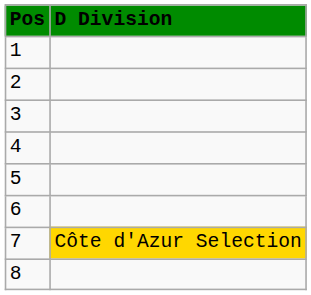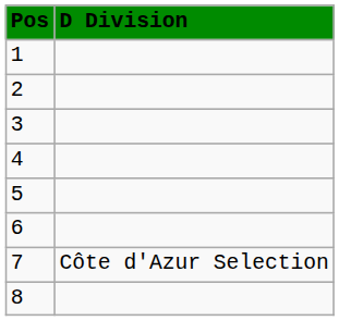 <table class="wikitable" style="margin:0.5em auto; font-size:95%">
 <tr bgcolor="#008B00">
 <td><strong>Pos</strong></td>
 <td><strong>D Division</strong></td>
 </tr>
 <tr>
 <td>1</td>
 <td></td>
 </tr>
 <tr>
 <td>2</td>
 <td></td>
 </tr>
 <tr>
 <td>3</td>
 <td></td>
 </tr>
 <tr>
 <td>4</td>
 <td></td>
 </tr>
 <tr>
 <td>5</td>
 <td></td>
 </tr>
 <tr>
 <td>6</td>
 <td></td>
 </tr>
 <tr>
 <td>7</td>
-<td style="background: gold;"> Côte d'Azur Selection</td>
+<td> Côte d'Azur Selection</td>
 </tr>
 <tr>
 <td>8</td>
 <td></td>
 </tr>
 </table>
